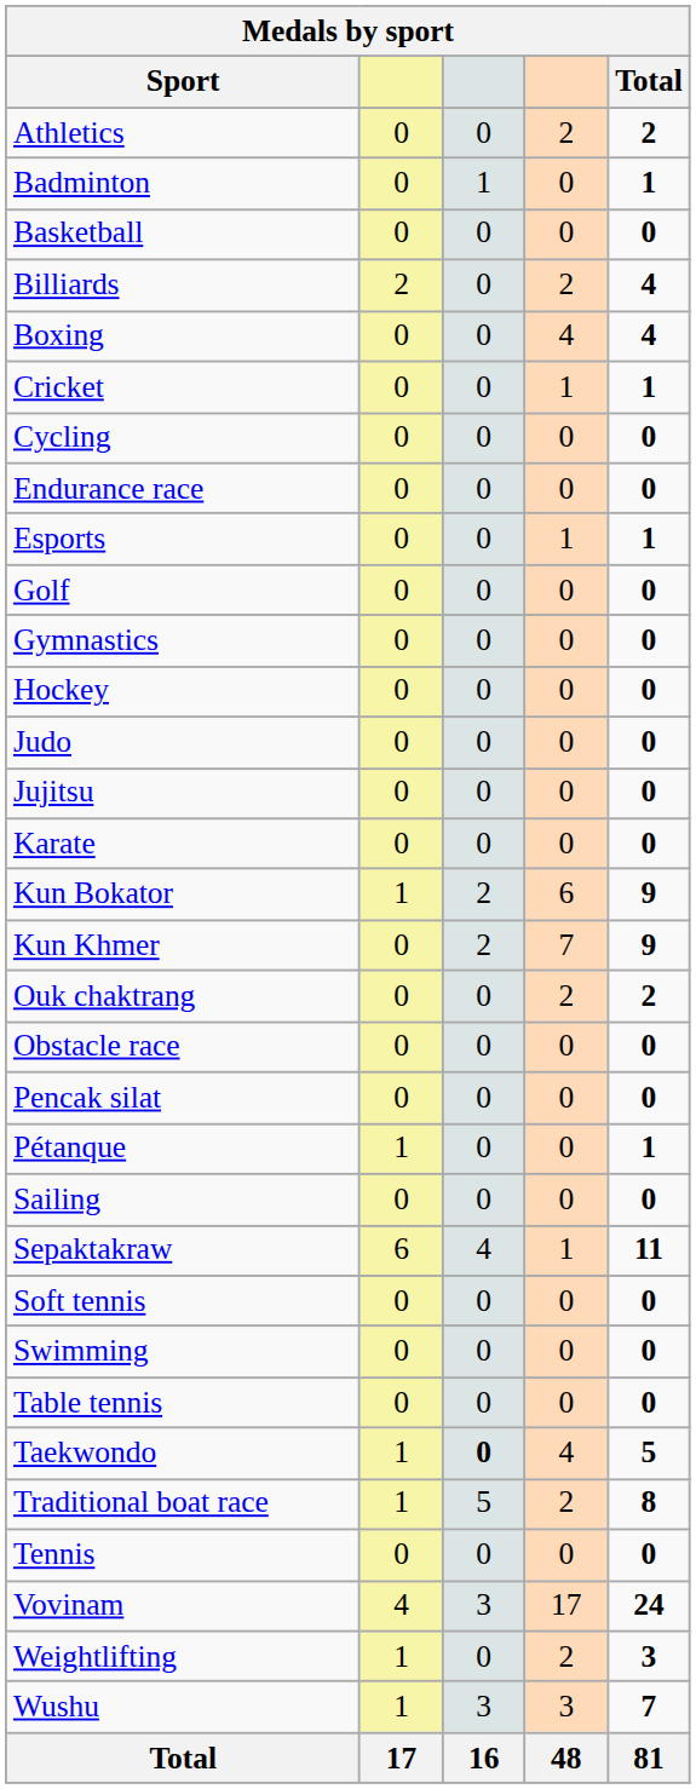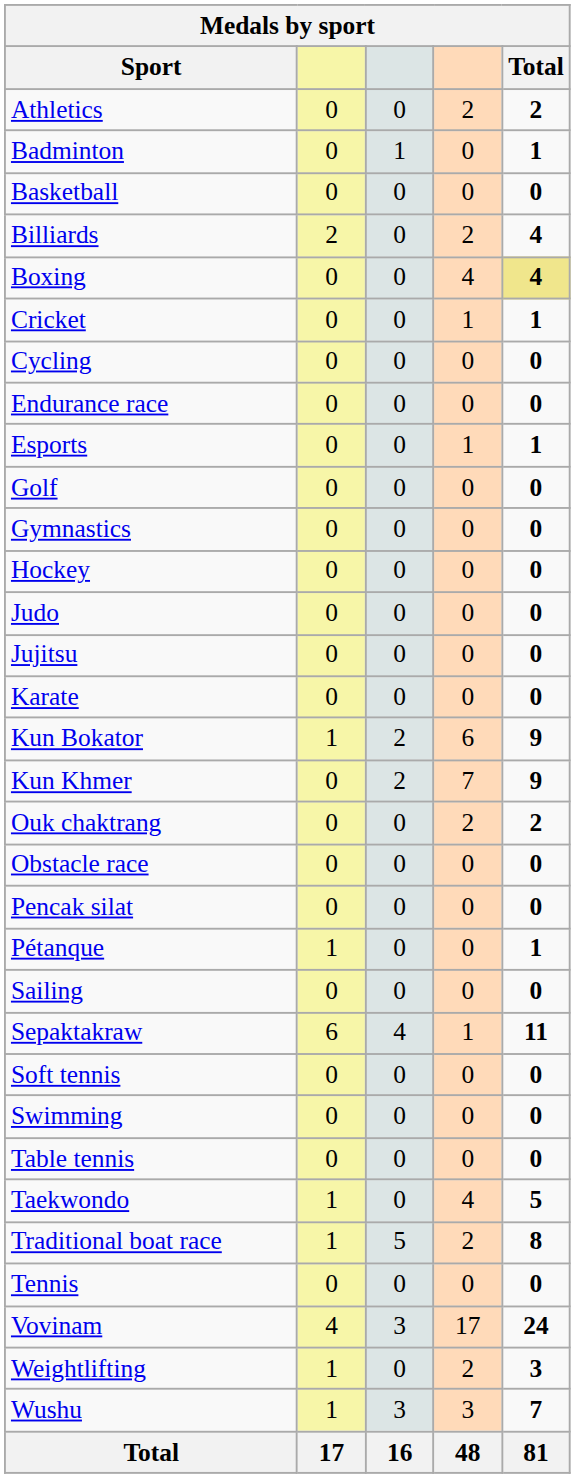 <table class="wikitable sortable" style="font-size:85%;float:center;text-align:center">
 <tr>
 <th colspan=5><strong>Medals by sport</strong></th>
 </tr>
 <tr>
 <th width=150>Sport</th>
 <th scope="col" width=30 style="background:#F7F6A8;"></th>
 <th scope="col" width=30 style="background:#DCE5E5;"></th>
 <th scope="col" width=30 style="background:#FFDAB9;"></th>
 <th width=30>Total</th>
 </tr>
 <tr>
 <td align=left> <a href='#'>Athletics</a></td>
 <td style="background:#F7F6A8;">0</td>
 <td style="background:#DCE5E5;">0</td>
 <td style="background:#FFDAB9;">2</td>
 <td><strong>2</strong></td>
 </tr>
 <tr>
 <td align=left> <a href='#'>Badminton</a></td>
 <td style="background:#F7F6A8;">0</td>
 <td style="background:#DCE5E5;">1</td>
 <td style="background:#FFDAB9;">0</td>
 <td><strong>1</strong></td>
 </tr>
 <tr>
 <td align=left> <a href='#'>Basketball</a></td>
 <td style="background:#F7F6A8;">0</td>
 <td style="background:#DCE5E5;">0</td>
 <td style="background:#FFDAB9;">0</td>
 <td><strong>0</strong></td>
 </tr>
 <tr>
 <td align=left> <a href='#'>Billiards</a></td>
 <td style="background:#F7F6A8;">2</td>
 <td style="background:#DCE5E5;">0</td>
 <td style="background:#FFDAB9;">2</td>
 <td><strong>4</strong></td>
 </tr>
 <tr>
 <td align=left> <a href='#'>Boxing</a></td>
 <td style="background:#F7F6A8;">0</td>
 <td style="background:#DCE5E5;">0</td>
 <td style="background:#FFDAB9;">4</td>
-<td><strong>4</strong></td>
+<td style="background: khaki;"><strong>4</strong></td>
 </tr>
 <tr>
 <td align=left> <a href='#'>Cricket</a></td>
 <td style="background:#F7F6A8;">0</td>
 <td style="background:#DCE5E5;">0</td>
 <td style="background:#FFDAB9;">1</td>
 <td><strong>1</strong></td>
 </tr>
 <tr>
 <td align=left> <a href='#'>Cycling</a></td>
 <td style="background:#F7F6A8;">0</td>
 <td style="background:#DCE5E5;">0</td>
 <td style="background:#FFDAB9;">0</td>
 <td><strong>0</strong></td>
 </tr>
 <tr>
 <td align=left> <a href='#'>Endurance race</a></td>
 <td style="background:#F7F6A8;">0</td>
 <td style="background:#DCE5E5;">0</td>
 <td style="background:#FFDAB9;">0</td>
 <td><strong>0</strong></td>
 </tr>
 <tr>
 <td align=left> <a href='#'>Esports</a></td>
 <td style="background:#F7F6A8;">0</td>
 <td style="background:#DCE5E5;">0</td>
 <td style="background:#FFDAB9;">1</td>
 <td><strong>1</strong></td>
 </tr>
 <tr>
 <td align=left> <a href='#'>Golf</a></td>
 <td style="background:#F7F6A8;">0</td>
 <td style="background:#DCE5E5;">0</td>
 <td style="background:#FFDAB9;">0</td>
 <td><strong>0</strong></td>
 </tr>
 <tr>
 <td align=left> <a href='#'>Gymnastics</a></td>
 <td style="background:#F7F6A8;">0</td>
 <td style="background:#DCE5E5;">0</td>
 <td style="background:#FFDAB9;">0</td>
 <td><strong>0</strong></td>
 </tr>
 <tr>
 <td align=left> <a href='#'>Hockey</a></td>
 <td style="background:#F7F6A8;">0</td>
 <td style="background:#DCE5E5;">0</td>
 <td style="background:#FFDAB9;">0</td>
 <td><strong>0</strong></td>
 </tr>
 <tr>
 <td align=left> <a href='#'>Judo</a></td>
 <td style="background:#F7F6A8;">0</td>
 <td style="background:#DCE5E5;">0</td>
 <td style="background:#FFDAB9;">0</td>
 <td><strong>0</strong></td>
 </tr>
 <tr>
 <td align=left> <a href='#'>Jujitsu</a></td>
 <td style="background:#F7F6A8;">0</td>
 <td style="background:#DCE5E5;">0</td>
 <td style="background:#FFDAB9;">0</td>
 <td><strong>0</strong></td>
 </tr>
 <tr>
 <td align=left> <a href='#'>Karate</a></td>
 <td style="background:#F7F6A8;">0</td>
 <td style="background:#DCE5E5;">0</td>
 <td style="background:#FFDAB9;">0</td>
 <td><strong>0</strong></td>
 </tr>
 <tr>
 <td align=left> <a href='#'>Kun Bokator</a></td>
 <td style="background:#F7F6A8;">1</td>
 <td style="background:#DCE5E5;">2</td>
 <td style="background:#FFDAB9;">6</td>
 <td><strong>9</strong></td>
 </tr>
 <tr>
 <td align=left> <a href='#'>Kun Khmer</a></td>
 <td style="background:#F7F6A8;">0</td>
 <td style="background:#DCE5E5;">2</td>
 <td style="background:#FFDAB9;">7</td>
 <td><strong>9</strong></td>
 </tr>
 <tr>
 <td align=left> <a href='#'>Ouk chaktrang</a></td>
 <td style="background:#F7F6A8;">0</td>
 <td style="background:#DCE5E5;">0</td>
 <td style="background:#FFDAB9;">2</td>
 <td><strong>2</strong></td>
 </tr>
 <tr>
 <td align=left> <a href='#'>Obstacle race</a></td>
 <td style="background:#F7F6A8;">0</td>
 <td style="background:#DCE5E5;">0</td>
 <td style="background:#FFDAB9;">0</td>
 <td><strong>0</strong></td>
 </tr>
 <tr>
 <td align=left> <a href='#'>Pencak silat</a></td>
 <td style="background:#F7F6A8;">0</td>
 <td style="background:#DCE5E5;">0</td>
 <td style="background:#FFDAB9;">0</td>
 <td><strong>0</strong></td>
 </tr>
 <tr>
 <td align=left> <a href='#'>Pétanque</a></td>
 <td style="background:#F7F6A8;">1</td>
 <td style="background:#DCE5E5;">0</td>
 <td style="background:#FFDAB9;">0</td>
 <td><strong>1</strong></td>
 </tr>
 <tr>
 <td align=left> <a href='#'>Sailing</a></td>
 <td style="background:#F7F6A8;">0</td>
 <td style="background:#DCE5E5;">0</td>
 <td style="background:#FFDAB9;">0</td>
 <td><strong>0</strong></td>
 </tr>
 <tr>
 <td align=left> <a href='#'>Sepaktakraw</a></td>
 <td style="background:#F7F6A8;">6</td>
 <td style="background:#DCE5E5;">4</td>
 <td style="background:#FFDAB9;">1</td>
 <td><strong>11</strong></td>
 </tr>
 <tr>
 <td align=left> <a href='#'>Soft tennis</a></td>
 <td style="background:#F7F6A8;">0</td>
 <td style="background:#DCE5E5;">0</td>
 <td style="background:#FFDAB9;">0</td>
 <td><strong>0</strong></td>
 </tr>
 <tr>
 <td align=left> <a href='#'>Swimming</a></td>
 <td style="background:#F7F6A8;">0</td>
 <td style="background:#DCE5E5;">0</td>
 <td style="background:#FFDAB9;">0</td>
 <td><strong>0</strong></td>
 </tr>
 <tr>
 <td align=left> <a href='#'>Table tennis</a></td>
 <td style="background:#F7F6A8;">0</td>
 <td style="background:#DCE5E5;">0</td>
 <td style="background:#FFDAB9;">0</td>
 <td><strong>0</strong></td>
 </tr>
 <tr>
 <td align=left> <a href='#'>Taekwondo</a></td>
 <td style="background:#F7F6A8;">1</td>
-<td style="background:#DCE5E5;"><strong>0</strong></td>
+<td style="background:#DCE5E5;">0</td>
 <td style="background:#FFDAB9;">4</td>
 <td><strong>5</strong></td>
 </tr>
 <tr>
 <td align=left><a href='#'>Traditional boat race</a></td>
 <td style="background:#F7F6A8;">1</td>
 <td style="background:#DCE5E5;">5</td>
 <td style="background:#FFDAB9;">2</td>
 <td><strong>8</strong></td>
 </tr>
 <tr>
 <td align=left> <a href='#'>Tennis</a></td>
 <td style="background:#F7F6A8;">0</td>
 <td style="background:#DCE5E5;">0</td>
 <td style="background:#FFDAB9;">0</td>
 <td><strong>0</strong></td>
 </tr>
 <tr>
 <td align=left> <a href='#'>Vovinam</a></td>
 <td style="background:#F7F6A8;">4</td>
 <td style="background:#DCE5E5;">3</td>
 <td style="background:#FFDAB9;">17</td>
 <td><strong>24</strong></td>
 </tr>
 <tr>
 <td align=left> <a href='#'>Weightlifting</a></td>
 <td style="background:#F7F6A8;">1</td>
 <td style="background:#DCE5E5;">0</td>
 <td style="background:#FFDAB9;">2</td>
 <td><strong>3</strong></td>
 </tr>
 <tr>
 <td align=left> <a href='#'>Wushu</a></td>
 <td style="background:#F7F6A8;">1</td>
 <td style="background:#DCE5E5;">3</td>
 <td style="background:#FFDAB9;">3</td>
 <td><strong>7</strong></td>
 </tr>
 <tr class="sortbottom">
 <th>Total</th>
 <th>17</th>
 <th>16</th>
 <th>48</th>
 <th>81</th>
 </tr>
 </table>
